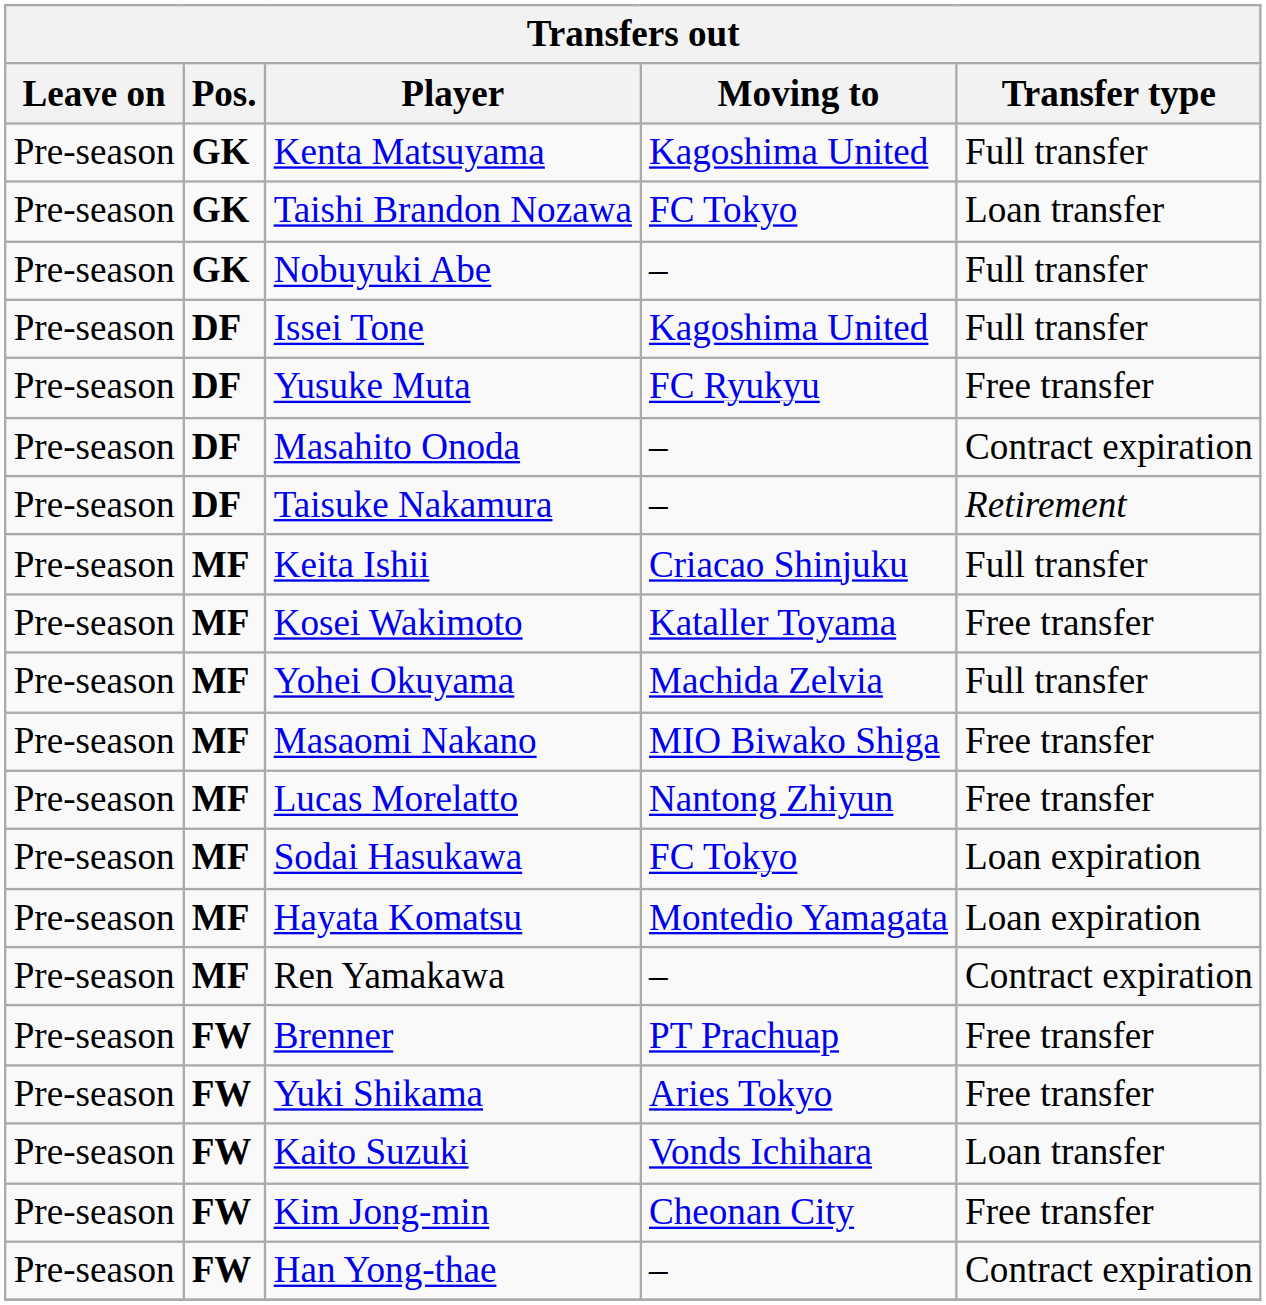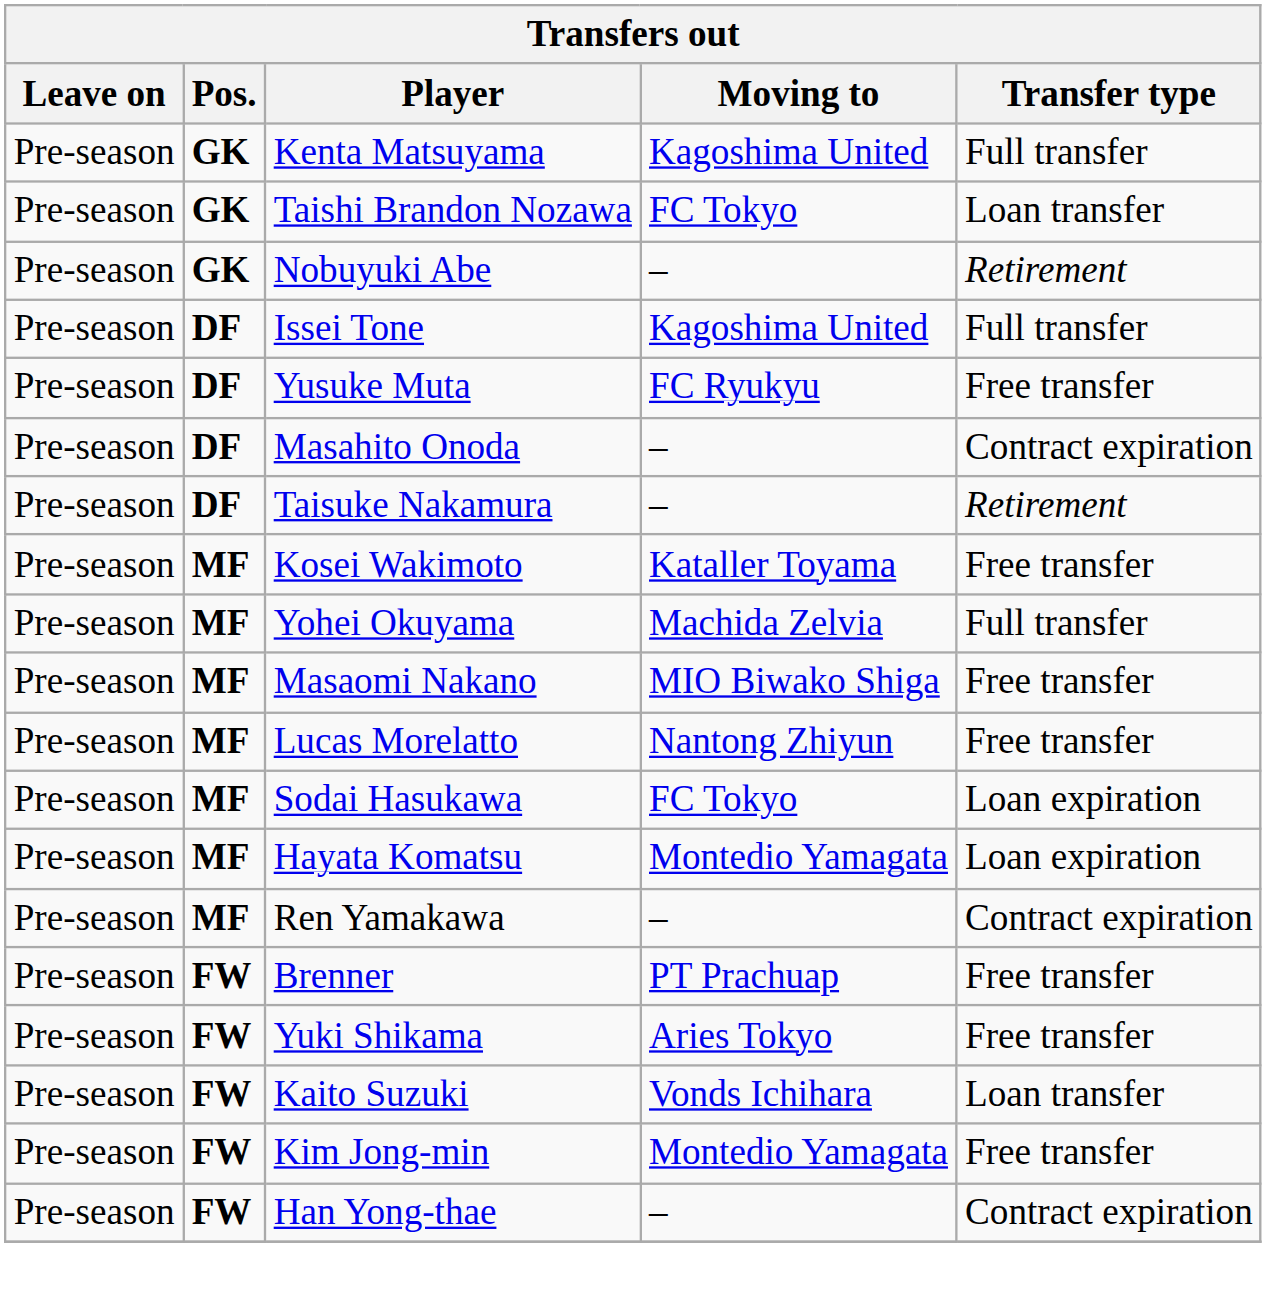 <table class="wikitable sortable" style=“text-align:left;>
 <tr>
 <th colspan="5">Transfers out</th>
 </tr>
 <tr>
 <th>Leave on</th>
 <th>Pos.</th>
 <th>Player</th>
 <th>Moving to</th>
 <th>Transfer type</th>
 </tr>
 <tr>
 <td>Pre-season</td>
 <td><strong>GK</strong></td>
 <td> <a href='#'>Kenta Matsuyama</a></td>
 <td> <a href='#'>Kagoshima United</a></td>
 <td>Full transfer</td>
 </tr>
 <tr>
 <td>Pre-season</td>
 <td><strong>GK</strong></td>
 <td> <a href='#'>Taishi Brandon Nozawa</a></td>
 <td> <a href='#'>FC Tokyo</a></td>
 <td>Loan transfer</td>
 </tr>
 <tr>
 <td>Pre-season</td>
 <td><strong>GK</strong></td>
 <td> <a href='#'>Nobuyuki Abe</a></td>
 <td>–</td>
-<td>Full transfer</td>
+<td><em>Retirement</em></td>
 </tr>
 <tr>
 <td>Pre-season</td>
 <td><strong>DF</strong></td>
 <td> <a href='#'>Issei Tone</a></td>
 <td> <a href='#'>Kagoshima United</a></td>
 <td>Full transfer</td>
 </tr>
 <tr>
 <td>Pre-season</td>
 <td><strong>DF</strong></td>
 <td> <a href='#'>Yusuke Muta</a></td>
 <td> <a href='#'>FC Ryukyu</a></td>
 <td>Free transfer</td>
 </tr>
 <tr>
 <td>Pre-season</td>
 <td><strong>DF</strong></td>
 <td> <a href='#'>Masahito Onoda</a></td>
 <td>–</td>
 <td>Contract expiration</td>
 </tr>
 <tr>
 <td>Pre-season</td>
 <td><strong>DF</strong></td>
 <td> <a href='#'>Taisuke Nakamura</a></td>
 <td>–</td>
 <td><em>Retirement</em></td>
-</tr>
-<tr>
-<td>Pre-season</td>
-<td><strong>MF</strong></td>
-<td> <a href='#'>Keita Ishii</a></td>
-<td> <a href='#'>Criacao Shinjuku</a></td>
-<td>Full transfer</td>
 </tr>
 <tr>
 <td>Pre-season</td>
 <td><strong>MF</strong></td>
 <td> <a href='#'>Kosei Wakimoto</a></td>
 <td> <a href='#'>Kataller Toyama</a></td>
 <td>Free transfer</td>
 </tr>
 <tr>
 <td>Pre-season</td>
 <td><strong>MF</strong></td>
 <td> <a href='#'>Yohei Okuyama</a></td>
 <td> <a href='#'>Machida Zelvia</a></td>
 <td>Full transfer</td>
 </tr>
 <tr>
 <td>Pre-season</td>
 <td><strong>MF</strong></td>
 <td> <a href='#'>Masaomi Nakano</a></td>
 <td> <a href='#'>MIO Biwako Shiga</a></td>
 <td>Free transfer</td>
 </tr>
 <tr>
 <td>Pre-season</td>
 <td><strong>MF</strong></td>
 <td> <a href='#'>Lucas Morelatto</a></td>
 <td> <a href='#'>Nantong Zhiyun</a></td>
 <td>Free transfer</td>
 </tr>
 <tr>
 <td>Pre-season</td>
 <td><strong>MF</strong></td>
 <td> <a href='#'>Sodai Hasukawa</a></td>
 <td> <a href='#'>FC Tokyo</a></td>
 <td>Loan expiration</td>
 </tr>
 <tr>
 <td>Pre-season</td>
 <td><strong>MF</strong></td>
 <td> <a href='#'>Hayata Komatsu</a></td>
 <td> <a href='#'>Montedio Yamagata</a></td>
 <td>Loan expiration</td>
 </tr>
 <tr>
 <td>Pre-season</td>
 <td><strong>MF</strong></td>
 <td> Ren Yamakawa</td>
 <td>–</td>
 <td>Contract expiration</td>
 </tr>
 <tr>
 <td>Pre-season</td>
 <td><strong>FW</strong></td>
 <td> <a href='#'>Brenner</a></td>
 <td> <a href='#'>PT Prachuap</a></td>
 <td>Free transfer</td>
 </tr>
 <tr>
 <td>Pre-season</td>
 <td><strong>FW</strong></td>
 <td> <a href='#'>Yuki Shikama</a></td>
 <td> <a href='#'>Aries Tokyo</a></td>
 <td>Free transfer</td>
 </tr>
 <tr>
 <td>Pre-season</td>
 <td><strong>FW</strong></td>
 <td> <a href='#'>Kaito Suzuki</a></td>
 <td> <a href='#'>Vonds Ichihara</a></td>
 <td>Loan transfer</td>
 </tr>
 <tr>
 <td>Pre-season</td>
 <td><strong>FW</strong></td>
 <td> <a href='#'>Kim Jong-min</a></td>
-<td> <a href='#'>Cheonan City</a></td>
+<td> <a href='#'>Montedio Yamagata</a></td>
 <td>Free transfer</td>
 </tr>
 <tr>
 <td>Pre-season</td>
 <td><strong>FW</strong></td>
 <td> <a href='#'>Han Yong-thae</a></td>
 <td>–</td>
 <td>Contract expiration</td>
 </tr>
 <tr>
 </tr>
 </table>
